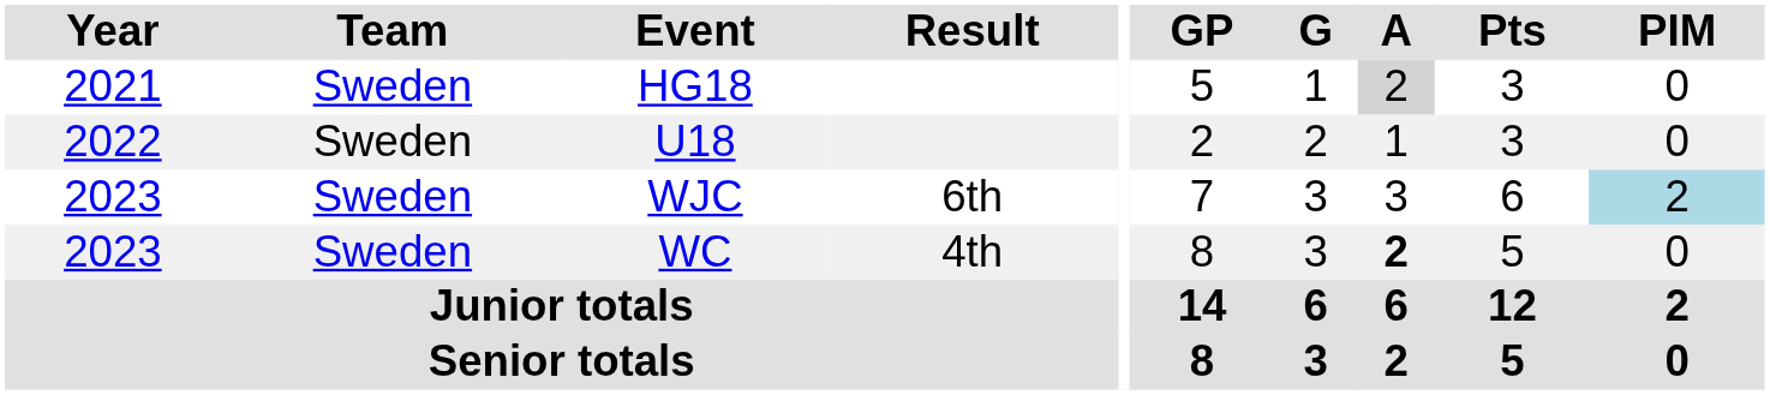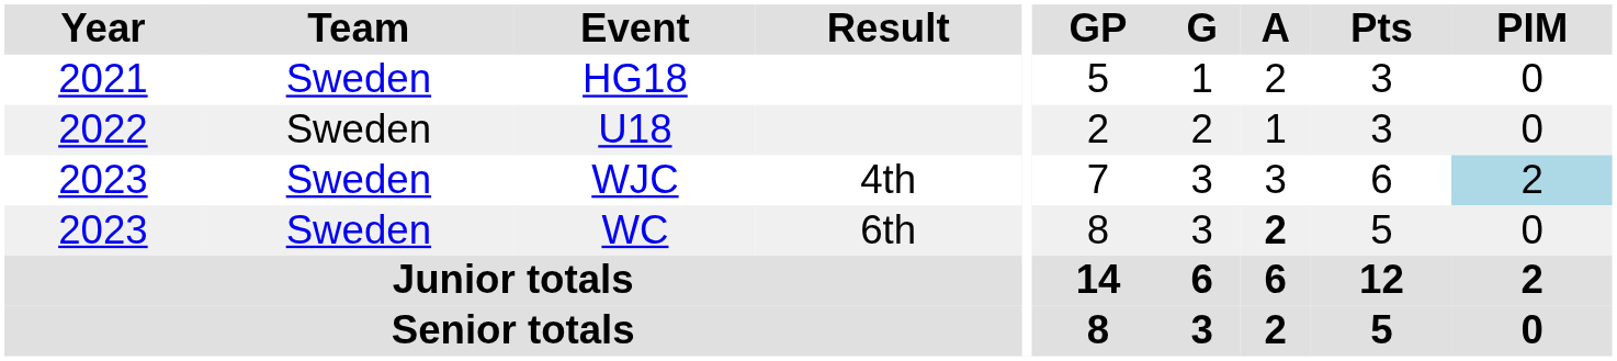 <table border="0" cellpadding="1" cellspacing="0" ID="Table3" style="text-align:center; width:40em;">
 <tr bgcolor="#e0e0e0">
 <th>Year</th>
 <th>Team</th>
 <th>Event</th>
 <th>Result</th>
 <th rowspan="99" bgcolor="#ffffff"></th>
 <th>GP</th>
 <th>G</th>
 <th>A</th>
 <th>Pts</th>
 <th>PIM</th>
 </tr>
 <tr>
 <td><a href='#'>2021</a></td>
 <td><a href='#'>Sweden</a></td>
 <td><a href='#'>HG18</a></td>
 <td></td>
 <td>5</td>
 <td>1</td>
-<td style="background: lightgrey;">2</td>
+<td>2</td>
 <td>3</td>
 <td>0</td>
 </tr>
 <tr bgcolor="#f0f0f0">
 <td><a href='#'>2022</a></td>
 <td>Sweden</td>
 <td><a href='#'>U18</a></td>
 <td></td>
 <td>2</td>
 <td>2</td>
 <td>1</td>
 <td>3</td>
 <td>0</td>
 </tr>
 <tr>
 <td><a href='#'>2023</a></td>
 <td><a href='#'>Sweden</a></td>
 <td><a href='#'>WJC</a></td>
-<td>6th</td>
+<td>4th</td>
 <td>7</td>
 <td>3</td>
 <td>3</td>
 <td>6</td>
 <td style="background: lightblue;">2</td>
 </tr>
 <tr bgcolor="#f0f0f0">
 <td><a href='#'>2023</a></td>
 <td><a href='#'>Sweden</a></td>
 <td><a href='#'>WC</a></td>
-<td>4th</td>
+<td>6th</td>
 <td>8</td>
 <td>3</td>
 <td><strong>2</strong></td>
 <td>5</td>
 <td>0</td>
 </tr>
 <tr bgcolor="#e0e0e0">
 <th colspan="4">Junior totals</th>
 <th>14</th>
 <th>6</th>
 <th>6</th>
 <th>12</th>
 <th>2</th>
 </tr>
 <tr bgcolor="#e0e0e0">
 <th colspan="4">Senior totals</th>
 <th>8</th>
 <th>3</th>
 <th>2</th>
 <th>5</th>
 <th>0</th>
 </tr>
 </table>
